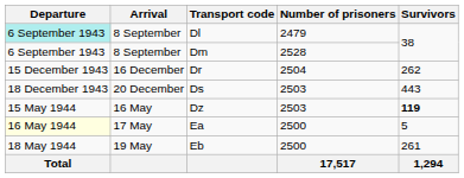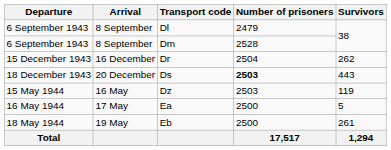 <table class="wikitable">
 <tr>
 <th>Departure</th>
 <th>Arrival</th>
 <th>Transport code</th>
 <th>Number of prisoners</th>
 <th>Survivors</th>
 </tr>
 <tr>
-<td style="background: paleturquoise;">6 September 1943</td>
+<td>6 September 1943</td>
 <td>8 September</td>
 <td>Dl</td>
 <td>2479</td>
 <td rowspan=2>38</td>
 </tr>
 <tr>
 <td>6 September 1943</td>
 <td>8 September</td>
 <td>Dm</td>
 <td>2528</td>
 </tr>
 <tr>
 <td>15 December 1943</td>
 <td>16 December</td>
 <td>Dr</td>
 <td>2504</td>
 <td>262</td>
 </tr>
 <tr>
 <td>18 December 1943</td>
 <td>20 December</td>
 <td>Ds</td>
-<td>2503</td>
+<td><strong>2503</strong></td>
 <td>443</td>
 </tr>
 <tr>
 <td>15 May 1944</td>
 <td>16 May</td>
 <td>Dz</td>
 <td>2503</td>
-<td><strong>119</strong></td>
+<td>119</td>
 </tr>
 <tr>
-<td style="background: lightyellow;">16 May 1944</td>
+<td>16 May 1944</td>
 <td>17 May</td>
 <td>Ea</td>
 <td>2500</td>
 <td>5</td>
 </tr>
 <tr>
 <td>18 May 1944</td>
 <td>19 May</td>
 <td>Eb</td>
 <td>2500</td>
 <td>261</td>
 </tr>
 <tr>
 <th>Total</th>
 <th></th>
 <th></th>
 <th>17,517</th>
 <th>1,294</th>
 </tr>
 </table>
